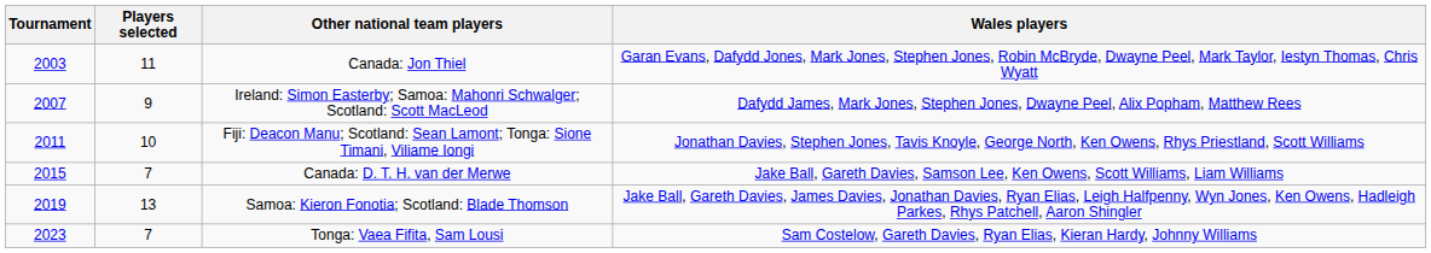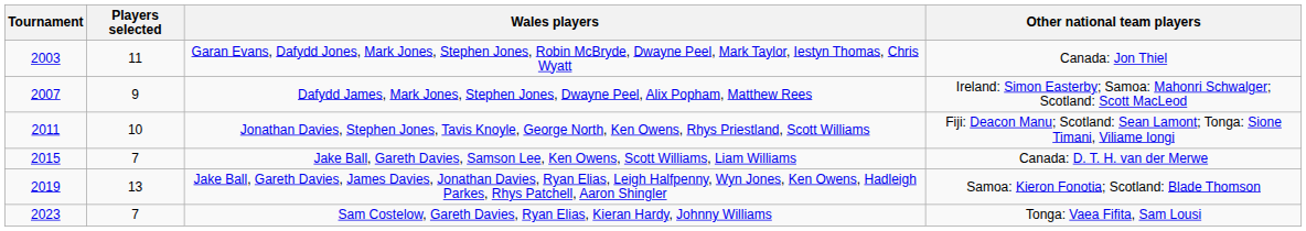 <table class="wikitable" style="text-align:center">
 <tr>
 <th>Tournament</th>
 <th>Players selected</th>
+<th>Wales players</th>
 <th>Other national team players</th>
-<th>Wales players</th>
 </tr>
 <tr>
 <td><a href='#'>2003</a></td>
 <td>11</td>
+<td><a href='#'>Garan Evans</a>, <a href='#'>Dafydd Jones</a>, <a href='#'>Mark Jones</a>, <a href='#'>Stephen Jones</a>, <a href='#'>Robin McBryde</a>, <a href='#'>Dwayne Peel</a>, <a href='#'>Mark Taylor</a>, <a href='#'>Iestyn Thomas</a>, <a href='#'>Chris Wyatt</a></td>
 <td>Canada: <a href='#'>Jon Thiel</a></td>
-<td><a href='#'>Garan Evans</a>, <a href='#'>Dafydd Jones</a>, <a href='#'>Mark Jones</a>, <a href='#'>Stephen Jones</a>, <a href='#'>Robin McBryde</a>, <a href='#'>Dwayne Peel</a>, <a href='#'>Mark Taylor</a>, <a href='#'>Iestyn Thomas</a>, <a href='#'>Chris Wyatt</a></td>
 </tr>
 <tr>
 <td><a href='#'>2007</a></td>
 <td>9</td>
+<td><a href='#'>Dafydd James</a>, <a href='#'>Mark Jones</a>, <a href='#'>Stephen Jones</a>, <a href='#'>Dwayne Peel</a>, <a href='#'>Alix Popham</a>, <a href='#'>Matthew Rees</a></td>
 <td>Ireland: <a href='#'>Simon Easterby</a>; Samoa: <a href='#'>Mahonri Schwalger</a>; Scotland: <a href='#'>Scott MacLeod</a></td>
-<td><a href='#'>Dafydd James</a>, <a href='#'>Mark Jones</a>, <a href='#'>Stephen Jones</a>, <a href='#'>Dwayne Peel</a>, <a href='#'>Alix Popham</a>, <a href='#'>Matthew Rees</a></td>
 </tr>
 <tr>
 <td><a href='#'>2011</a></td>
 <td>10</td>
+<td><a href='#'>Jonathan Davies</a>, <a href='#'>Stephen Jones</a>, <a href='#'>Tavis Knoyle</a>, <a href='#'>George North</a>, <a href='#'>Ken Owens</a>, <a href='#'>Rhys Priestland</a>, <a href='#'>Scott Williams</a></td>
 <td>Fiji: <a href='#'>Deacon Manu</a>; Scotland: <a href='#'>Sean Lamont</a>; Tonga: <a href='#'>Sione Timani</a>, <a href='#'>Viliame Iongi</a></td>
-<td><a href='#'>Jonathan Davies</a>, <a href='#'>Stephen Jones</a>, <a href='#'>Tavis Knoyle</a>, <a href='#'>George North</a>, <a href='#'>Ken Owens</a>, <a href='#'>Rhys Priestland</a>, <a href='#'>Scott Williams</a></td>
 </tr>
 <tr>
 <td><a href='#'>2015</a></td>
 <td>7</td>
+<td><a href='#'>Jake Ball</a>, <a href='#'>Gareth Davies</a>, <a href='#'>Samson Lee</a>, <a href='#'>Ken Owens</a>, <a href='#'>Scott Williams</a>, <a href='#'>Liam Williams</a></td>
 <td>Canada: <a href='#'>D. T. H. van der Merwe</a></td>
-<td><a href='#'>Jake Ball</a>, <a href='#'>Gareth Davies</a>, <a href='#'>Samson Lee</a>, <a href='#'>Ken Owens</a>, <a href='#'>Scott Williams</a>, <a href='#'>Liam Williams</a></td>
 </tr>
 <tr>
 <td><a href='#'>2019</a></td>
 <td>13</td>
+<td><a href='#'>Jake Ball</a>, <a href='#'>Gareth Davies</a>, <a href='#'>James Davies</a>, <a href='#'>Jonathan Davies</a>, <a href='#'>Ryan Elias</a>, <a href='#'>Leigh Halfpenny</a>, <a href='#'>Wyn Jones</a>, <a href='#'>Ken Owens</a>, <a href='#'>Hadleigh Parkes</a>, <a href='#'>Rhys Patchell</a>, <a href='#'>Aaron Shingler</a></td>
 <td>Samoa: <a href='#'>Kieron Fonotia</a>; Scotland: <a href='#'>Blade Thomson</a></td>
-<td><a href='#'>Jake Ball</a>, <a href='#'>Gareth Davies</a>, <a href='#'>James Davies</a>, <a href='#'>Jonathan Davies</a>, <a href='#'>Ryan Elias</a>, <a href='#'>Leigh Halfpenny</a>, <a href='#'>Wyn Jones</a>, <a href='#'>Ken Owens</a>, <a href='#'>Hadleigh Parkes</a>, <a href='#'>Rhys Patchell</a>, <a href='#'>Aaron Shingler</a></td>
 </tr>
 <tr>
 <td><a href='#'>2023</a></td>
 <td>7</td>
+<td><a href='#'>Sam Costelow</a>, <a href='#'>Gareth Davies</a>, <a href='#'>Ryan Elias</a>, <a href='#'>Kieran Hardy</a>, <a href='#'>Johnny Williams</a></td>
 <td>Tonga: <a href='#'>Vaea Fifita</a>, <a href='#'>Sam Lousi</a></td>
-<td><a href='#'>Sam Costelow</a>, <a href='#'>Gareth Davies</a>, <a href='#'>Ryan Elias</a>, <a href='#'>Kieran Hardy</a>, <a href='#'>Johnny Williams</a></td>
 </tr>
 </table>
